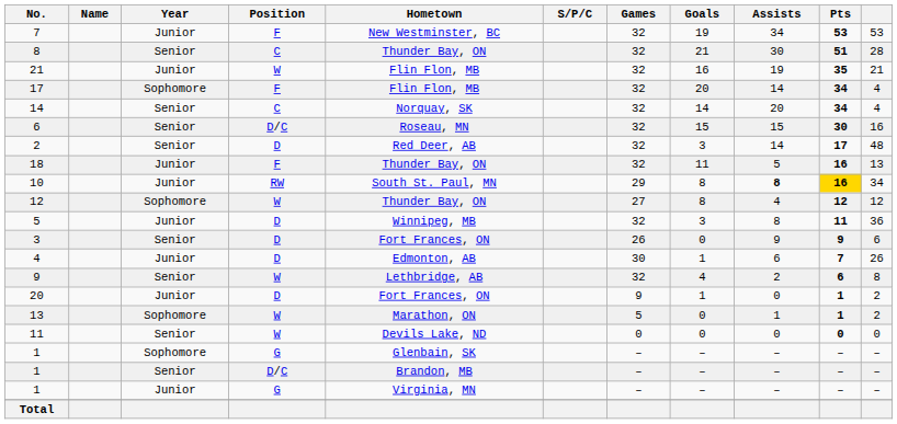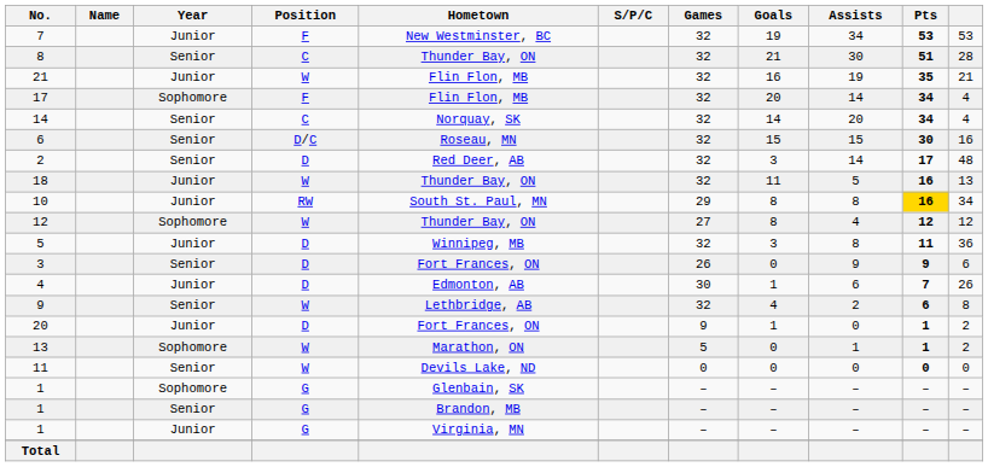 <table class="wikitable sortable" width ="1000">
 <tr align="center">
 <th><strong>No.</strong></th>
 <th><strong>Name</strong></th>
 <th><strong>Year</strong></th>
 <th><strong>Position</strong></th>
 <th><strong>Hometown</strong></th>
 <th><strong>S/P/C</strong></th>
 <th><strong>Games</strong></th>
 <th><strong>Goals</strong></th>
 <th><strong>Assists</strong></th>
 <th><strong>Pts</strong></th>
 <th><strong><a href='#'></a></strong></th>
 </tr>
 <tr align="center" bgcolor="">
 <td>7</td>
 <td></td>
 <td>Junior</td>
 <td><a href='#'>F</a></td>
 <td><a href='#'>New Westminster</a>, <a href='#'>BC</a></td>
 <td></td>
 <td>32</td>
 <td>19</td>
 <td>34</td>
 <td><strong>53</strong></td>
 <td>53</td>
 </tr>
 <tr align="center" bgcolor="#f0f0f0">
 <td>8</td>
 <td></td>
 <td>Senior</td>
 <td><a href='#'>C</a></td>
 <td><a href='#'>Thunder Bay</a>, <a href='#'>ON</a></td>
 <td></td>
 <td>32</td>
 <td>21</td>
 <td>30</td>
 <td><strong>51</strong></td>
 <td>28</td>
 </tr>
 <tr align="center">
 <td>21</td>
 <td></td>
 <td>Junior</td>
 <td><a href='#'>W</a></td>
 <td><a href='#'>Flin Flon</a>, <a href='#'>MB</a></td>
 <td></td>
 <td>32</td>
 <td>16</td>
 <td>19</td>
 <td><strong>35</strong></td>
 <td>21</td>
 </tr>
 <tr align="center" bgcolor="#f0f0f0">
 <td>17</td>
 <td></td>
 <td>Sophomore</td>
 <td><a href='#'>F</a></td>
 <td><a href='#'>Flin Flon</a>, <a href='#'>MB</a></td>
 <td></td>
 <td>32</td>
 <td>20</td>
 <td>14</td>
 <td><strong>34</strong></td>
 <td>4</td>
 </tr>
 <tr align="center">
 <td>14</td>
 <td></td>
 <td>Senior</td>
 <td><a href='#'>C</a></td>
 <td><a href='#'>Norquay</a>, <a href='#'>SK</a></td>
 <td></td>
 <td>32</td>
 <td>14</td>
 <td>20</td>
 <td><strong>34</strong></td>
 <td>4</td>
 </tr>
 <tr align="center" bgcolor="#f0f0f0">
 <td>6</td>
 <td></td>
 <td>Senior</td>
 <td><a href='#'>D</a>/<a href='#'>C</a></td>
 <td><a href='#'>Roseau</a>, <a href='#'>MN</a></td>
 <td></td>
 <td>32</td>
 <td>15</td>
 <td>15</td>
 <td><strong>30</strong></td>
 <td>16</td>
 </tr>
 <tr align="center">
 <td>2</td>
 <td></td>
 <td>Senior</td>
 <td><a href='#'>D</a></td>
 <td><a href='#'>Red Deer</a>, <a href='#'>AB</a></td>
 <td></td>
 <td>32</td>
 <td>3</td>
 <td>14</td>
 <td><strong>17</strong></td>
 <td>48</td>
 </tr>
 <tr align="center" bgcolor="#f0f0f0">
 <td>18</td>
 <td></td>
 <td>Junior</td>
-<td><a href='#'>F</a></td>
+<td><a href='#'>W</a></td>
 <td><a href='#'>Thunder Bay</a>, <a href='#'>ON</a></td>
 <td></td>
 <td>32</td>
 <td>11</td>
 <td>5</td>
 <td><strong>16</strong></td>
 <td>13</td>
 </tr>
 <tr align="center">
 <td>10</td>
 <td></td>
 <td>Junior</td>
 <td><a href='#'>RW</a></td>
 <td><a href='#'>South St. Paul</a>, <a href='#'>MN</a></td>
 <td></td>
 <td>29</td>
 <td>8</td>
-<td><strong>8</strong></td>
+<td>8</td>
 <td style="background: gold;"><strong>16</strong></td>
 <td>34</td>
 </tr>
 <tr align="center" bgcolor="#f0f0f0">
 <td>12</td>
 <td></td>
 <td>Sophomore</td>
 <td><a href='#'>W</a></td>
 <td><a href='#'>Thunder Bay</a>, <a href='#'>ON</a></td>
 <td></td>
 <td>27</td>
 <td>8</td>
 <td>4</td>
 <td><strong>12</strong></td>
 <td>12</td>
 </tr>
 <tr align="center">
 <td>5</td>
 <td></td>
 <td>Junior</td>
 <td><a href='#'>D</a></td>
 <td><a href='#'>Winnipeg</a>, <a href='#'>MB</a></td>
 <td></td>
 <td>32</td>
 <td>3</td>
 <td>8</td>
 <td><strong>11</strong></td>
 <td>36</td>
 </tr>
 <tr align="center" bgcolor="#f0f0f0">
 <td>3</td>
 <td></td>
 <td>Senior</td>
 <td><a href='#'>D</a></td>
 <td><a href='#'>Fort Frances</a>, <a href='#'>ON</a></td>
 <td></td>
 <td>26</td>
 <td>0</td>
 <td>9</td>
 <td><strong>9</strong></td>
 <td>6</td>
 </tr>
 <tr align="center">
 <td>4</td>
 <td></td>
 <td>Junior</td>
 <td><a href='#'>D</a></td>
 <td><a href='#'>Edmonton</a>, <a href='#'>AB</a></td>
 <td></td>
 <td>30</td>
 <td>1</td>
 <td>6</td>
 <td><strong>7</strong></td>
 <td>26</td>
 </tr>
 <tr align="center" bgcolor="#f0f0f0">
 <td>9</td>
 <td></td>
 <td>Senior</td>
 <td><a href='#'>W</a></td>
 <td><a href='#'>Lethbridge</a>, <a href='#'>AB</a></td>
 <td></td>
 <td>32</td>
 <td>4</td>
 <td>2</td>
 <td><strong>6</strong></td>
 <td>8</td>
 </tr>
 <tr align="center">
 <td>20</td>
 <td></td>
 <td>Junior</td>
 <td><a href='#'>D</a></td>
 <td><a href='#'>Fort Frances</a>, <a href='#'>ON</a></td>
 <td></td>
 <td>9</td>
 <td>1</td>
 <td>0</td>
 <td><strong>1</strong></td>
 <td>2</td>
 </tr>
 <tr align="center" bgcolor="#f0f0f0">
 <td>13</td>
 <td></td>
 <td>Sophomore</td>
 <td><a href='#'>W</a></td>
 <td><a href='#'>Marathon</a>, <a href='#'>ON</a></td>
 <td></td>
 <td>5</td>
 <td>0</td>
 <td>1</td>
 <td><strong>1</strong></td>
 <td>2</td>
 </tr>
 <tr align="center">
 <td>11</td>
 <td></td>
 <td>Senior</td>
 <td><a href='#'>W</a></td>
 <td><a href='#'>Devils Lake</a>, <a href='#'>ND</a></td>
 <td></td>
 <td>0</td>
 <td>0</td>
 <td>0</td>
 <td><strong>0</strong></td>
 <td>0</td>
 </tr>
 <tr align="center">
 <td>1</td>
 <td></td>
 <td>Sophomore</td>
 <td><a href='#'>G</a></td>
 <td><a href='#'>Glenbain</a>, <a href='#'>SK</a></td>
 <td></td>
 <td>–</td>
 <td>–</td>
 <td>–</td>
 <td>–</td>
 <td>–</td>
 </tr>
 <tr align="center" bgcolor="#f0f0f0">
 <td>1</td>
 <td></td>
 <td>Senior</td>
-<td><a href='#'>D</a>/<a href='#'>C</a></td>
+<td><a href='#'>G</a></td>
 <td><a href='#'>Brandon</a>, <a href='#'>MB</a></td>
 <td></td>
 <td>–</td>
 <td>–</td>
 <td>–</td>
 <td>–</td>
 <td>–</td>
 </tr>
 <tr align="center">
 <td>1</td>
 <td></td>
 <td>Junior</td>
 <td><a href='#'>G</a></td>
 <td><a href='#'>Virginia</a>, <a href='#'>MN</a></td>
 <td></td>
 <td>–</td>
 <td>–</td>
 <td>–</td>
 <td>–</td>
 <td>–</td>
 </tr>
 <tr align="center" bgcolor="#f0f0f0">
 </tr>
 <tr>
 <th>Total</th>
 <th></th>
 <th></th>
 <th></th>
 <th></th>
 <th></th>
 <th></th>
 <th></th>
 <th></th>
 <th></th>
 <th></th>
 </tr>
 </table>
